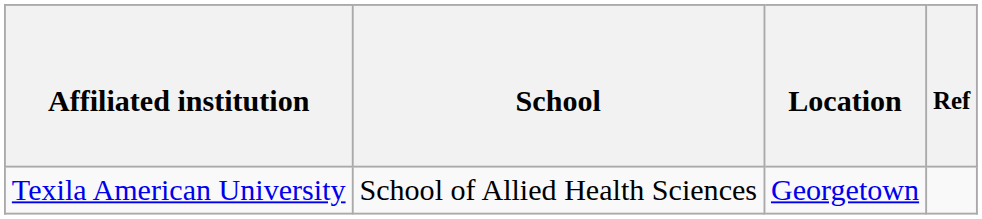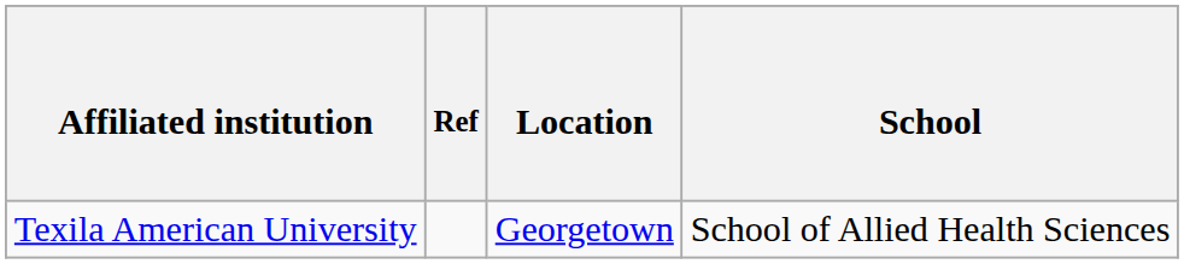 <table class="wikitable sortable">
 <tr>
 <th><br><h4>Affiliated institution</h4></th>
+<th><br><h5>Ref</h5></th>
+<th><br><h4>Location</h4></th>
 <th><br><h4>School</h4></th>
-<th><br><h4>Location</h4></th>
-<th><br><h5>Ref</h5></th>
 </tr>
 <tr>
 <td><a href='#'>Texila American University</a></td>
+<td></td>
+<td><a href='#'>Georgetown</a></td>
 <td>School of Allied Health Sciences</td>
-<td><a href='#'>Georgetown</a></td>
-<td></td>
 </tr>
 </table>
